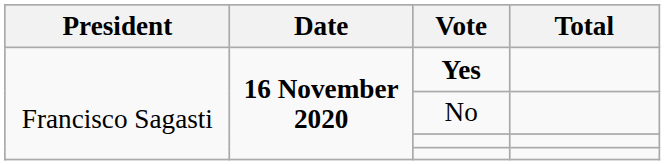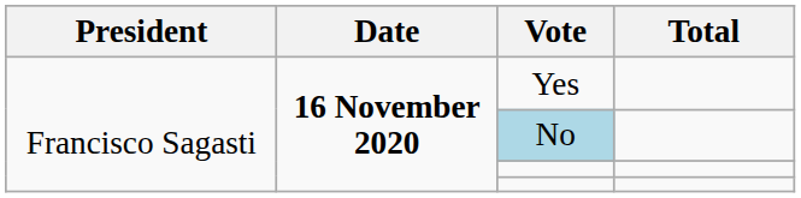 <table class="wikitable" style="text-align:center; font-size:100%;">
 <tr>
 <th style="width:125px;">President</th>
 <th style="width:100px;">Date</th>
 <th style="width:50px;">Vote</th>
 <th style="width:80px;">Total</th>
 </tr>
 <tr>
 <td rowspan="4"><br>Francisco Sagasti</td>
 <td rowspan="4"><strong>16 November 2020</strong><br></td>
-<td><strong>Yes</strong></td>
+<td>Yes</td>
 <td></td>
 </tr>
 <tr>
-<td>No</td>
+<td style="background: lightblue;">No</td>
 <td></td>
 </tr>
 <tr>
 <td></td>
 <td></td>
 </tr>
 <tr>
 <td></td>
 <td></td>
 </tr>
 </table>
